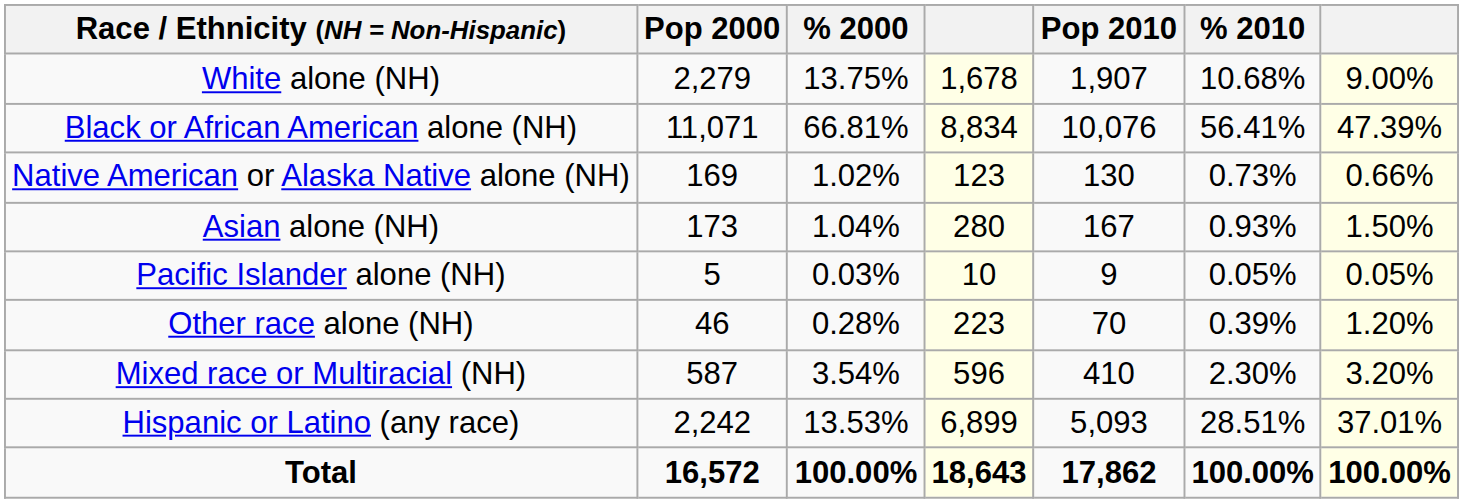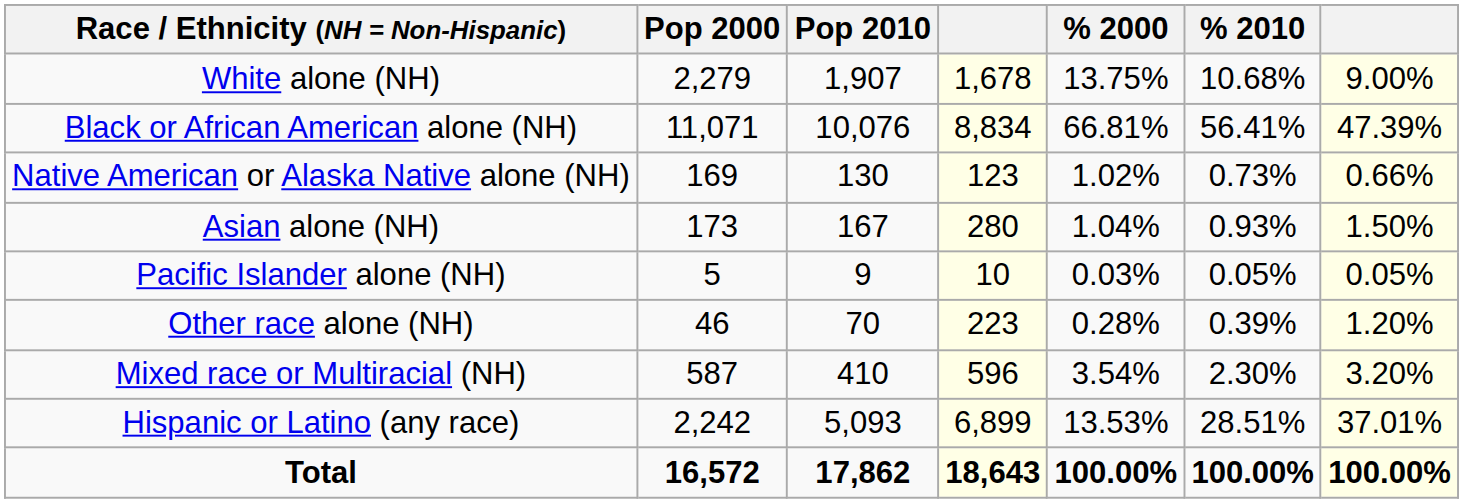 <table class="wikitable" style="text-align:center;">
 <tr>
 <th>Race / Ethnicity <small>(<em>NH = Non-Hispanic</em>)</small></th>
 <th>Pop 2000</th>
+<th>Pop 2010</th>
+<th></th>
 <th>% 2000</th>
-<th></th>
-<th>Pop 2010</th>
 <th>% 2010</th>
 <th></th>
 </tr>
 <tr>
 <td><a href='#'>White</a> alone (NH)</td>
 <td>2,279</td>
+<td>1,907</td>
+<td style='background: #ffffe6;'>1,678</td>
 <td>13.75%</td>
-<td style='background: #ffffe6;'>1,678</td>
-<td>1,907</td>
 <td>10.68%</td>
 <td style='background: #ffffe6;'>9.00%</td>
 </tr>
 <tr>
 <td><a href='#'>Black or African American</a> alone (NH)</td>
 <td>11,071</td>
+<td>10,076</td>
+<td style='background: #ffffe6;'>8,834</td>
 <td>66.81%</td>
-<td style='background: #ffffe6;'>8,834</td>
-<td>10,076</td>
 <td>56.41%</td>
 <td style='background: #ffffe6;'>47.39%</td>
 </tr>
 <tr>
 <td><a href='#'>Native American</a> or <a href='#'>Alaska Native</a> alone (NH)</td>
 <td>169</td>
+<td>130</td>
+<td style='background: #ffffe6;'>123</td>
 <td>1.02%</td>
-<td style='background: #ffffe6;'>123</td>
-<td>130</td>
 <td>0.73%</td>
 <td style='background: #ffffe6;'>0.66%</td>
 </tr>
 <tr>
 <td><a href='#'>Asian</a> alone (NH)</td>
 <td>173</td>
+<td>167</td>
+<td style='background: #ffffe6;'>280</td>
 <td>1.04%</td>
-<td style='background: #ffffe6;'>280</td>
-<td>167</td>
 <td>0.93%</td>
 <td style='background: #ffffe6;'>1.50%</td>
 </tr>
 <tr>
 <td><a href='#'>Pacific Islander</a> alone (NH)</td>
 <td>5</td>
+<td>9</td>
+<td style='background: #ffffe6;'>10</td>
 <td>0.03%</td>
-<td style='background: #ffffe6;'>10</td>
-<td>9</td>
 <td>0.05%</td>
 <td style='background: #ffffe6;'>0.05%</td>
 </tr>
 <tr>
 <td><a href='#'>Other race</a> alone (NH)</td>
 <td>46</td>
+<td>70</td>
+<td style='background: #ffffe6;'>223</td>
 <td>0.28%</td>
-<td style='background: #ffffe6;'>223</td>
-<td>70</td>
 <td>0.39%</td>
 <td style='background: #ffffe6;'>1.20%</td>
 </tr>
 <tr>
 <td><a href='#'>Mixed race or Multiracial</a> (NH)</td>
 <td>587</td>
+<td>410</td>
+<td style='background: #ffffe6;'>596</td>
 <td>3.54%</td>
-<td style='background: #ffffe6;'>596</td>
-<td>410</td>
 <td>2.30%</td>
 <td style='background: #ffffe6;'>3.20%</td>
 </tr>
 <tr>
 <td><a href='#'>Hispanic or Latino</a> (any race)</td>
 <td>2,242</td>
+<td>5,093</td>
+<td style='background: #ffffe6;'>6,899</td>
 <td>13.53%</td>
-<td style='background: #ffffe6;'>6,899</td>
-<td>5,093</td>
 <td>28.51%</td>
 <td style='background: #ffffe6;'>37.01%</td>
 </tr>
 <tr>
 <td><strong>Total</strong></td>
 <td><strong>16,572</strong></td>
+<td><strong>17,862</strong></td>
+<td style='background: #ffffe6;'><strong>18,643</strong></td>
 <td><strong>100.00%</strong></td>
-<td style='background: #ffffe6;'><strong>18,643</strong></td>
-<td><strong>17,862</strong></td>
 <td><strong>100.00%</strong></td>
 <td style='background: #ffffe6;'><strong>100.00%</strong></td>
 </tr>
 </table>
